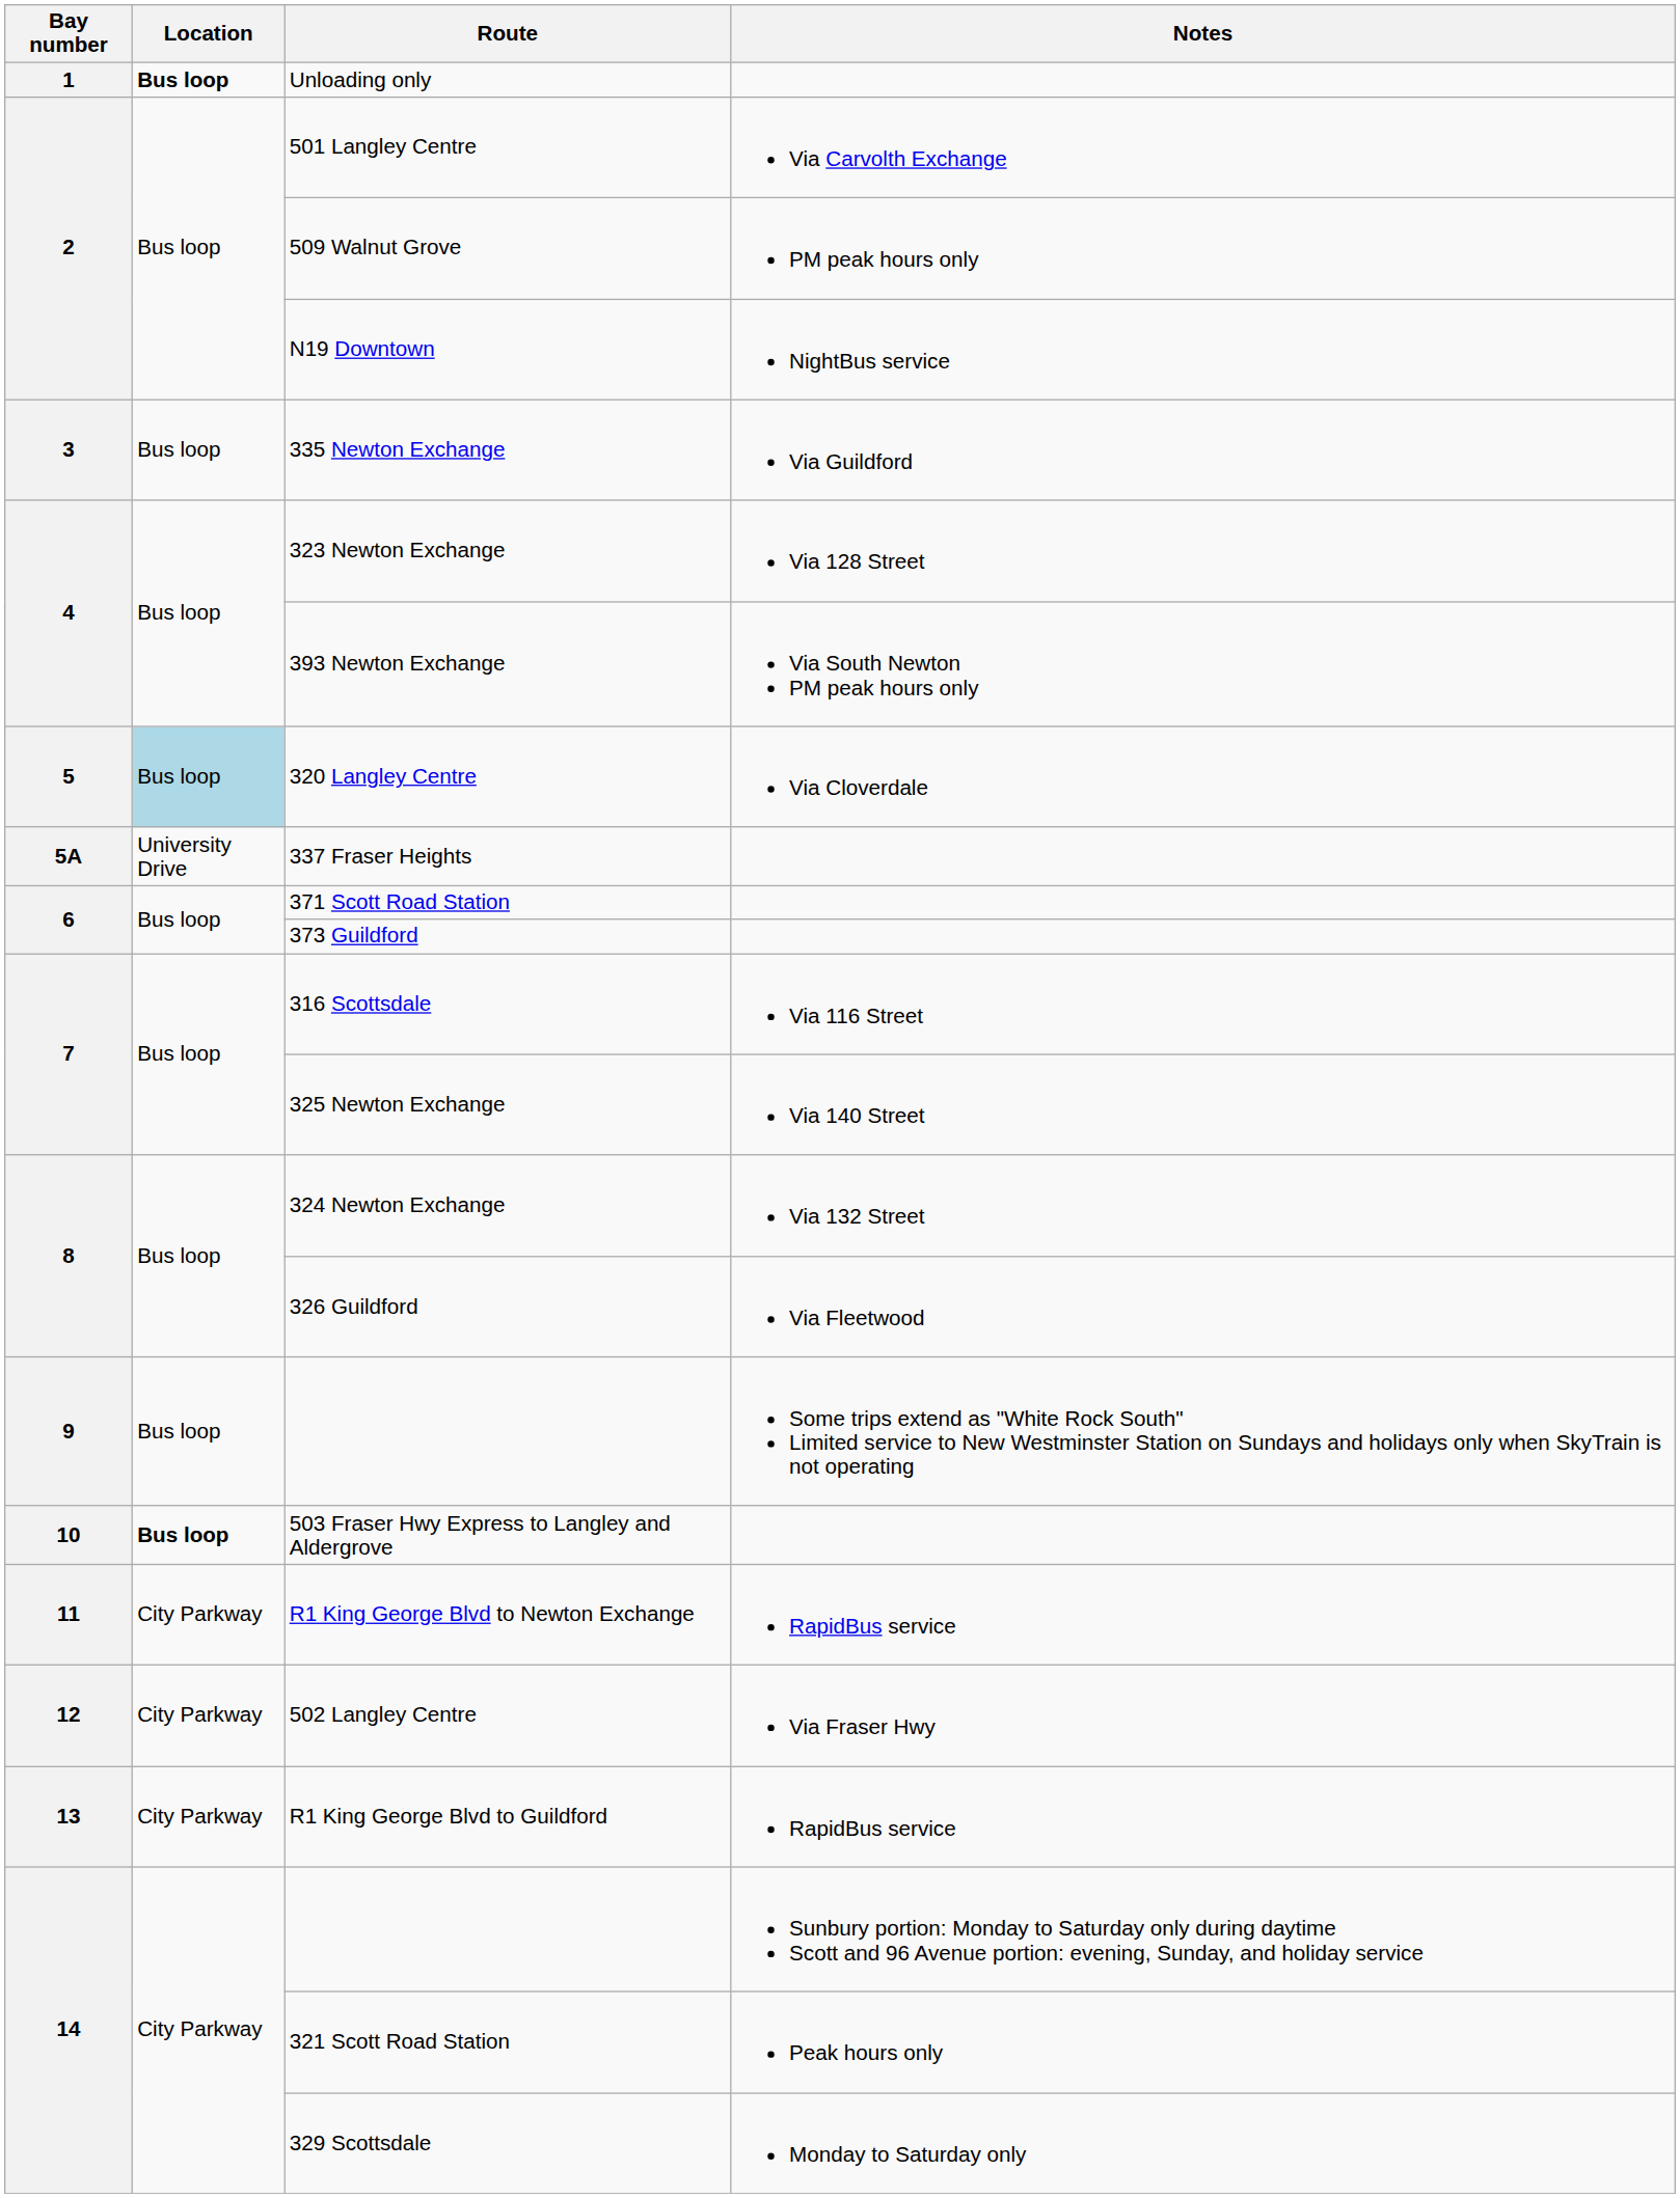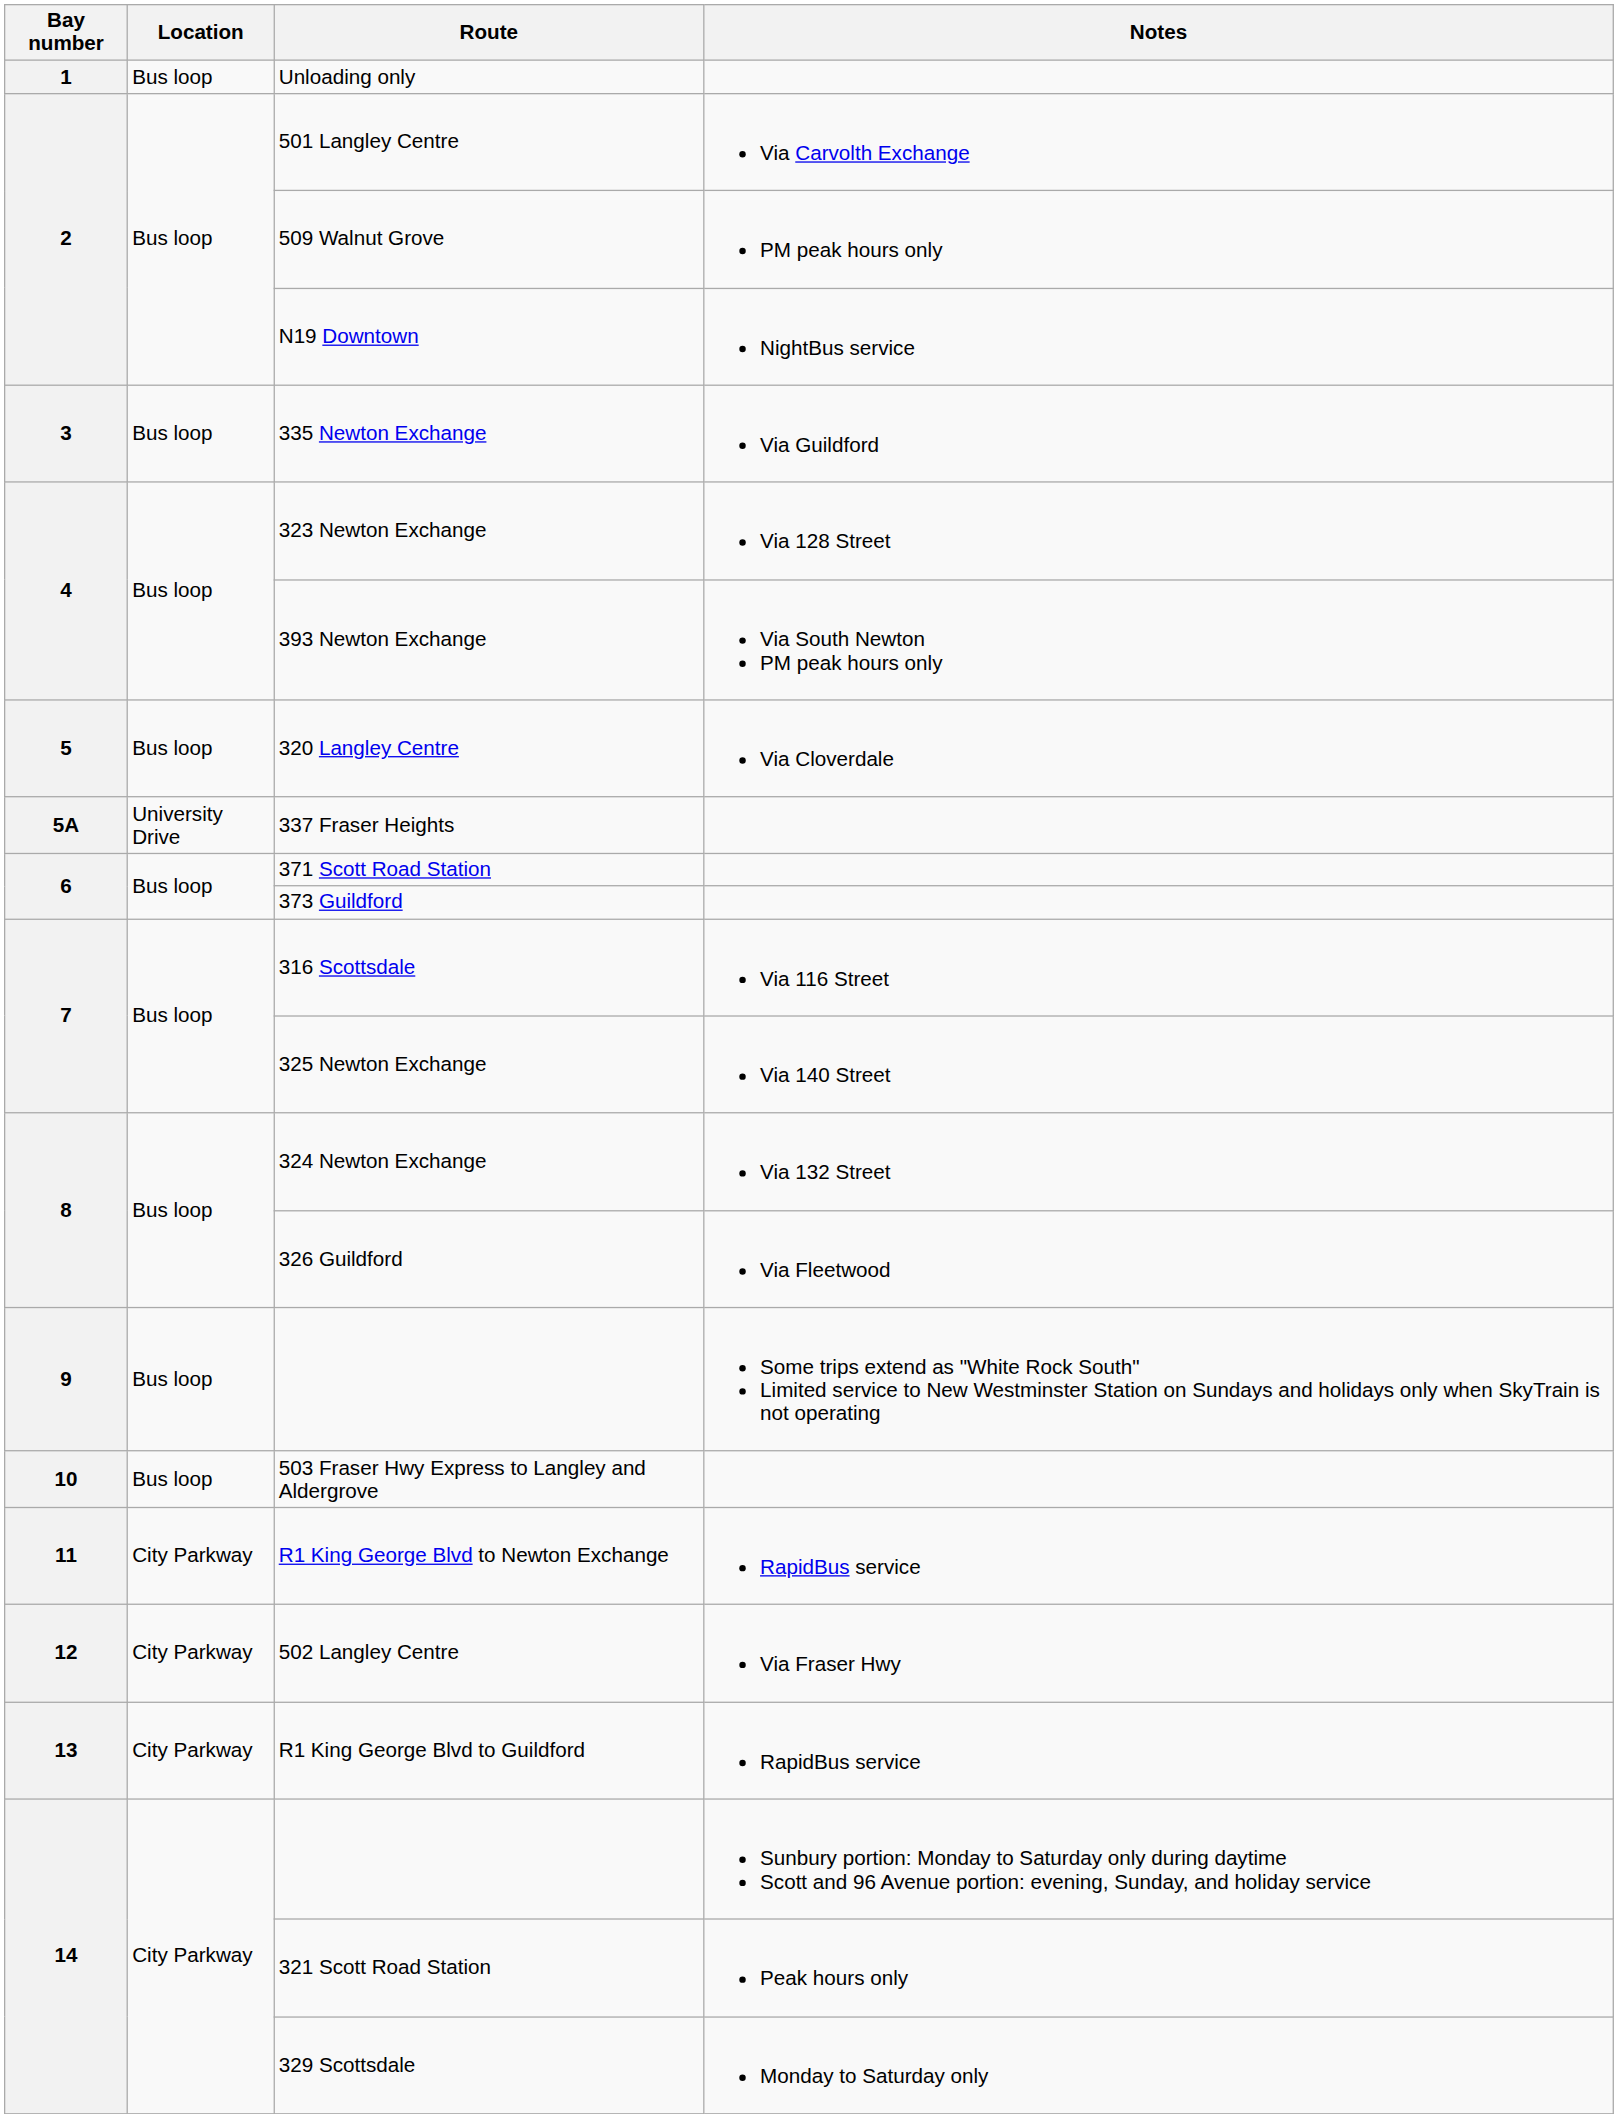 <table class="wikitable">
 <tr>
 <th>Bay number</th>
 <th>Location</th>
 <th>Route</th>
 <th>Notes</th>
 </tr>
 <tr>
 <th>1</th>
-<td><strong>Bus loop</strong></td>
+<td>Bus loop</td>
 <td>Unloading only</td>
 <td></td>
 </tr>
 <tr>
 <th rowspan="3">2</th>
 <td rowspan="3">Bus loop</td>
 <td>501 Langley Centre</td>
 <td><br><ul><li>Via <a href='#'>Carvolth Exchange</a></li></ul></td>
 </tr>
 <tr>
 <td>509 Walnut Grove</td>
 <td><br><ul><li>PM peak hours only</li></ul></td>
 </tr>
 <tr>
 <td>N19 <a href='#'>Downtown</a></td>
 <td><br><ul><li>NightBus service</li></ul></td>
 </tr>
 <tr>
 <th>3</th>
 <td>Bus loop</td>
 <td>335 <a href='#'>Newton Exchange</a></td>
 <td><br><ul><li>Via Guildford</li></ul></td>
 </tr>
 <tr>
 <th rowspan="2">4</th>
 <td rowspan="2">Bus loop</td>
 <td>323 Newton Exchange</td>
 <td><br><ul><li>Via 128 Street</li></ul></td>
 </tr>
 <tr>
 <td>393 Newton Exchange</td>
 <td><br><ul><li>Via South Newton</li><li>PM peak hours only</li></ul></td>
 </tr>
 <tr>
 <th>5</th>
-<td style="background: lightblue;">Bus loop</td>
+<td>Bus loop</td>
 <td>320 <a href='#'>Langley Centre</a></td>
 <td><br><ul><li>Via Cloverdale</li></ul></td>
 </tr>
 <tr>
 <th>5A</th>
 <td>University Drive<br></td>
 <td>337 Fraser Heights</td>
 <td></td>
 </tr>
 <tr>
 <th rowspan="2">6</th>
 <td rowspan="2">Bus loop</td>
 <td>371 <a href='#'>Scott Road Station</a></td>
 <td></td>
 </tr>
 <tr>
 <td>373 <a href='#'>Guildford</a></td>
 <td></td>
 </tr>
 <tr>
 <th rowspan="2">7</th>
 <td rowspan="2">Bus loop</td>
 <td>316 <a href='#'>Scottsdale</a></td>
 <td><br><ul><li>Via 116 Street</li></ul></td>
 </tr>
 <tr>
 <td>325 Newton Exchange</td>
 <td><br><ul><li>Via 140 Street</li></ul></td>
 </tr>
 <tr>
 <th rowspan="2">8</th>
 <td rowspan="2">Bus loop</td>
 <td>324 Newton Exchange</td>
 <td><br><ul><li>Via 132 Street</li></ul></td>
 </tr>
 <tr>
 <td>326 Guildford</td>
 <td><br><ul><li>Via Fleetwood</li></ul></td>
 </tr>
 <tr>
 <th>9</th>
 <td>Bus loop</td>
 <td></td>
 <td><br><ul><li>Some trips extend as "White Rock South"</li><li>Limited service to New Westminster Station on Sundays and holidays only when SkyTrain is not operating</li></ul></td>
 </tr>
 <tr>
 <th>10</th>
-<td><strong>Bus loop</strong></td>
+<td>Bus loop</td>
 <td>503 Fraser Hwy Express to Langley and Aldergrove</td>
 <td></td>
 </tr>
 <tr>
 <th>11</th>
 <td>City Parkway<br></td>
 <td><a href='#'>R1 King George Blvd</a> to Newton Exchange</td>
 <td><br><ul><li><a href='#'>RapidBus</a> service</li></ul></td>
 </tr>
 <tr>
 <th>12</th>
 <td>City Parkway<br></td>
 <td>502 Langley Centre</td>
 <td><br><ul><li>Via Fraser Hwy</li></ul></td>
 </tr>
 <tr>
 <th>13</th>
 <td>City Parkway<br></td>
 <td>R1 King George Blvd to Guildford</td>
 <td><br><ul><li>RapidBus service</li></ul></td>
 </tr>
 <tr>
 <th rowspan="3">14</th>
 <td rowspan="3">City Parkway<br></td>
 <td></td>
 <td><br><ul><li>Sunbury portion: Monday to Saturday only during daytime</li><li>Scott and 96 Avenue portion: evening, Sunday, and holiday service</li></ul></td>
 </tr>
 <tr>
 <td>321 Scott Road Station</td>
 <td><br><ul><li>Peak hours only</li></ul></td>
 </tr>
 <tr>
 <td>329 Scottsdale</td>
 <td><br><ul><li>Monday to Saturday only</li></ul></td>
 </tr>
 </table>
